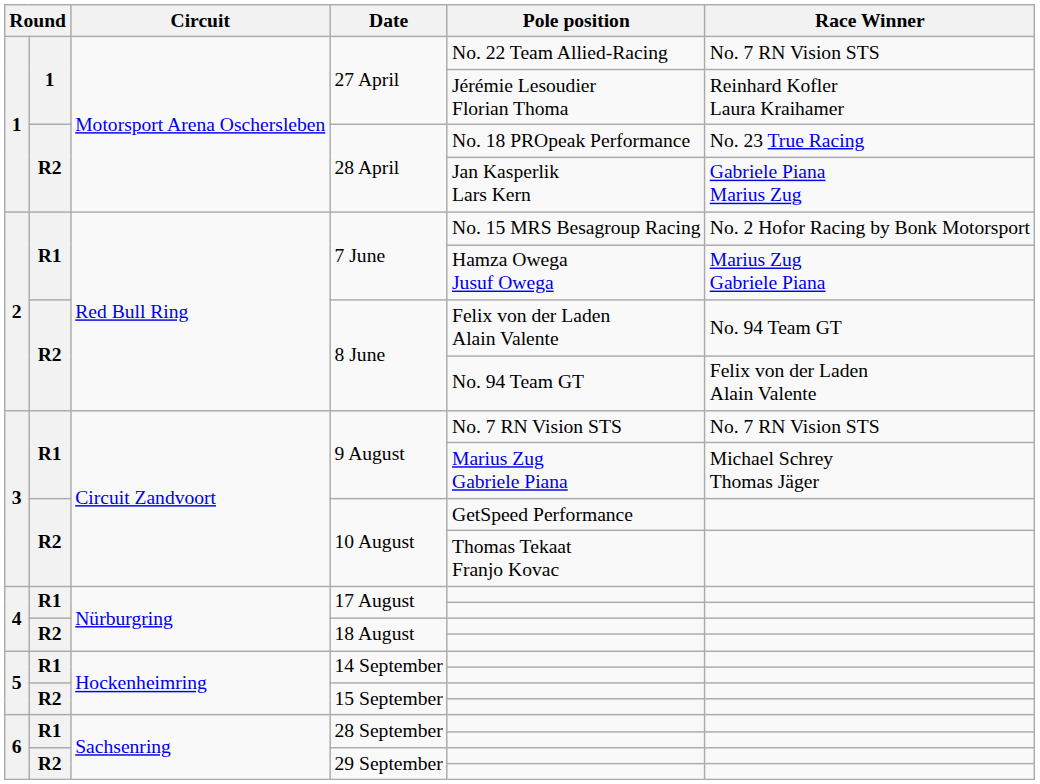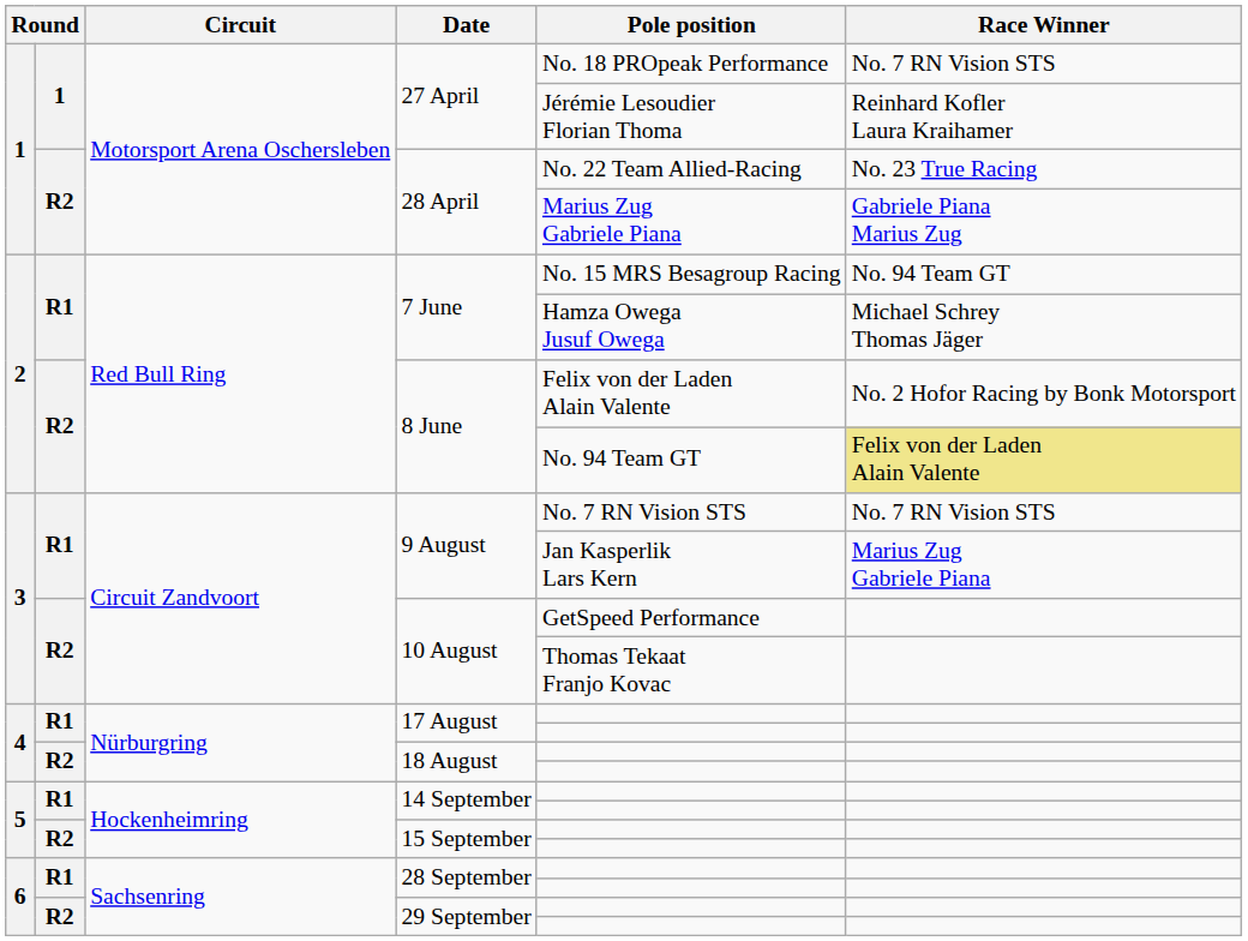 <table class="wikitable" style="font-size: 85%;">
 <tr>
 <th colspan=2>Round</th>
 <th>Circuit</th>
 <th>Date</th>
 <th>Pole position</th>
 <th>Race Winner</th>
 </tr>
 <tr>
 <th rowspan=4>1</th>
 <th rowspan=2>1</th>
 <td rowspan=4> <a href='#'>Motorsport Arena Oschersleben</a></td>
 <td rowspan=2>27 April</td>
-<td> No. 22 Team Allied-Racing</td>
+<td> No. 18 PROpeak Performance</td>
 <td> No. 7 RN Vision STS</td>
 </tr>
 <tr>
 <td> Jérémie Lesoudier<br> Florian Thoma</td>
 <td> Reinhard Kofler<br> Laura Kraihamer</td>
 </tr>
 <tr>
 <th rowspan=2>R2</th>
 <td rowspan=2>28 April</td>
-<td> No. 18 PROpeak Performance</td>
+<td> No. 22 Team Allied-Racing</td>
 <td> No. 23 <a href='#'>True Racing</a></td>
 </tr>
 <tr>
-<td> Jan Kasperlik<br> Lars Kern</td>
+<td> <a href='#'>Marius Zug</a><br> <a href='#'>Gabriele Piana</a></td>
 <td> <a href='#'>Gabriele Piana</a><br> <a href='#'>Marius Zug</a></td>
 </tr>
 <tr>
 <th rowspan=4>2</th>
 <th rowspan=2>R1</th>
 <td rowspan=4> <a href='#'>Red Bull Ring</a></td>
 <td rowspan=2>7 June</td>
 <td> No. 15 MRS Besagroup Racing</td>
-<td> No. 2 Hofor Racing by Bonk Motorsport</td>
+<td> No. 94 Team GT</td>
 </tr>
 <tr>
 <td> Hamza Owega<br> <a href='#'>Jusuf Owega</a></td>
-<td> <a href='#'>Marius Zug</a><br> <a href='#'>Gabriele Piana</a></td>
+<td> Michael Schrey<br> Thomas Jäger</td>
 </tr>
 <tr>
 <th rowspan=2>R2</th>
 <td rowspan=2>8 June</td>
 <td> Felix von der Laden<br> Alain Valente</td>
-<td> No. 94 Team GT</td>
+<td> No. 2 Hofor Racing by Bonk Motorsport</td>
 </tr>
 <tr>
 <td> No. 94 Team GT</td>
-<td> Felix von der Laden<br> Alain Valente</td>
+<td style="background: khaki;"> Felix von der Laden<br> Alain Valente</td>
 </tr>
 <tr>
 <th rowspan=4>3</th>
 <th rowspan=2>R1</th>
 <td rowspan=4> <a href='#'>Circuit Zandvoort</a></td>
 <td rowspan=2>9 August</td>
 <td> No. 7 RN Vision STS</td>
 <td> No. 7 RN Vision STS</td>
 </tr>
 <tr>
+<td> Jan Kasperlik<br> Lars Kern</td>
 <td> <a href='#'>Marius Zug</a><br> <a href='#'>Gabriele Piana</a></td>
-<td> Michael Schrey<br> Thomas Jäger</td>
 </tr>
 <tr>
 <th rowspan=2>R2</th>
 <td rowspan=2>10 August</td>
 <td> GetSpeed Performance</td>
 <td></td>
 </tr>
 <tr>
 <td> Thomas Tekaat<br> Franjo Kovac</td>
 <td></td>
 </tr>
 <tr>
 <th rowspan=4>4</th>
 <th rowspan=2>R1</th>
 <td rowspan=4> <a href='#'>Nürburgring</a></td>
 <td rowspan=2>17 August</td>
 <td></td>
 <td></td>
 </tr>
 <tr>
 <td></td>
 <td></td>
 </tr>
 <tr>
 <th rowspan=2>R2</th>
 <td rowspan=2>18 August</td>
 <td></td>
 <td></td>
 </tr>
 <tr>
 <td></td>
 <td></td>
 </tr>
 <tr>
 <th rowspan=4>5</th>
 <th rowspan=2>R1</th>
 <td rowspan=4> <a href='#'>Hockenheimring</a></td>
 <td rowspan=2>14 September</td>
 <td></td>
 <td></td>
 </tr>
 <tr>
 <td></td>
 <td></td>
 </tr>
 <tr>
 <th rowspan=2>R2</th>
 <td rowspan=2>15 September</td>
 <td></td>
 <td></td>
 </tr>
 <tr>
 <td></td>
 <td></td>
 </tr>
 <tr>
 <th rowspan=4>6</th>
 <th rowspan=2>R1</th>
 <td rowspan=4> <a href='#'>Sachsenring</a></td>
 <td rowspan=2>28 September</td>
 <td></td>
 <td></td>
 </tr>
 <tr>
 <td></td>
 <td></td>
 </tr>
 <tr>
 <th rowspan=2>R2</th>
 <td rowspan=2>29 September</td>
 <td></td>
 <td></td>
 </tr>
 <tr>
 <td></td>
 <td></td>
 </tr>
 </table>
